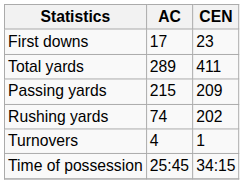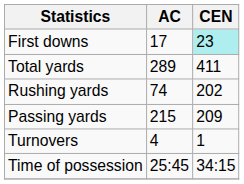 <table class="wikitable">
 <tr>
 <th>Statistics</th>
 <th>AC</th>
 <th>CEN</th>
 </tr>
 <tr>
 <td>First downs</td>
 <td>17</td>
-<td>23</td>
+<td style="background: paleturquoise;">23</td>
 </tr>
 <tr>
 <td>Total yards</td>
 <td>289</td>
 <td>411</td>
 </tr>
 <tr>
+<td>Rushing yards</td>
+<td>74</td>
+<td>202</td>
+</tr>
+<tr>
 <td>Passing yards</td>
 <td>215</td>
 <td>209</td>
-</tr>
-<tr>
-<td>Rushing yards</td>
-<td>74</td>
-<td>202</td>
 </tr>
 <tr>
 <td>Turnovers</td>
 <td>4</td>
 <td>1</td>
 </tr>
 <tr>
 <td>Time of possession</td>
 <td>25:45</td>
 <td>34:15</td>
 </tr>
 <tr>
 </tr>
 </table>
